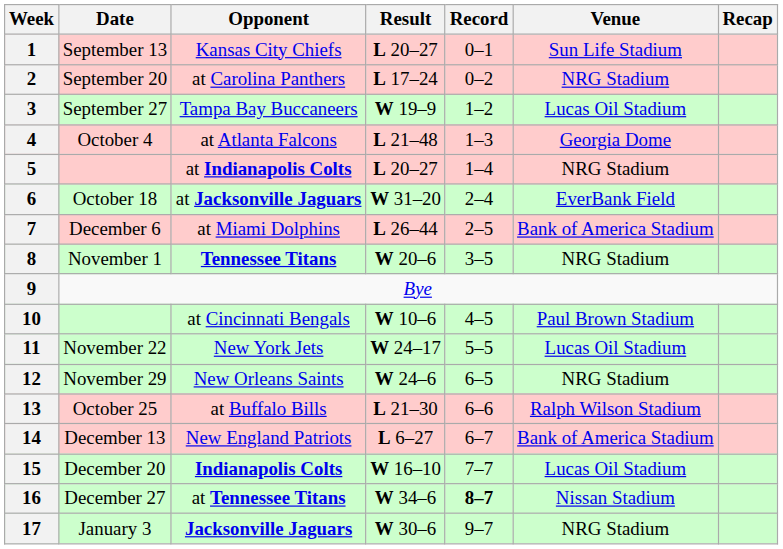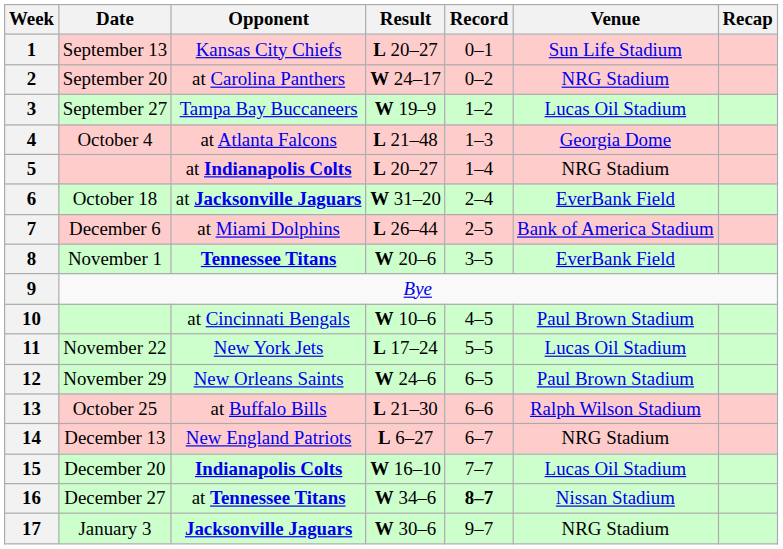 <table class="wikitable" style="text-align:center">
 <tr>
 <th>Week</th>
 <th>Date</th>
 <th>Opponent</th>
 <th>Result</th>
 <th>Record</th>
 <th>Venue</th>
 <th>Recap</th>
 </tr>
 <tr style="background:#fcc">
 <th>1</th>
 <td>September 13</td>
 <td><a href='#'>Kansas City Chiefs</a></td>
 <td><strong>L</strong> 20–27</td>
 <td>0–1</td>
 <td><a href='#'>Sun Life Stadium</a></td>
 <td></td>
 </tr>
 <tr style="background:#fcc">
 <th>2</th>
 <td>September 20</td>
 <td>at <a href='#'>Carolina Panthers</a></td>
-<td><strong>L</strong> 17–24</td>
+<td><strong>W</strong> 24–17</td>
 <td>0–2</td>
 <td><a href='#'>NRG Stadium</a></td>
 <td></td>
 </tr>
 <tr style="background:#cfc">
 <th>3</th>
 <td>September 27</td>
 <td><a href='#'>Tampa Bay Buccaneers</a></td>
 <td><strong>W</strong> 19–9</td>
 <td>1–2</td>
 <td><a href='#'>Lucas Oil Stadium</a></td>
 <td></td>
 </tr>
 <tr style="background:#fcc">
 <th>4</th>
 <td>October 4</td>
 <td>at <a href='#'>Atlanta Falcons</a></td>
 <td><strong>L</strong> 21–48</td>
 <td>1–3</td>
 <td><a href='#'>Georgia Dome</a></td>
 <td></td>
 </tr>
 <tr style="background:#fcc">
 <th>5</th>
 <td></td>
 <td>at <strong><a href='#'>Indianapolis Colts</a></strong></td>
 <td><strong>L</strong> 20–27</td>
 <td>1–4</td>
 <td>NRG Stadium</td>
 <td></td>
 </tr>
 <tr style="background:#cfc">
 <th>6</th>
 <td>October 18</td>
 <td>at <strong><a href='#'>Jacksonville Jaguars</a></strong></td>
 <td><strong>W</strong> 31–20</td>
 <td>2–4</td>
 <td><a href='#'>EverBank Field</a></td>
 <td></td>
 </tr>
 <tr style="background:#fcc">
 <th>7</th>
 <td>December 6</td>
 <td>at <a href='#'>Miami Dolphins</a></td>
 <td><strong>L</strong> 26–44</td>
 <td>2–5</td>
 <td><a href='#'>Bank of America Stadium</a></td>
 <td></td>
 </tr>
 <tr style="background:#cfc">
 <th>8</th>
 <td>November 1</td>
 <td><strong><a href='#'>Tennessee Titans</a></strong></td>
 <td><strong>W</strong> 20–6</td>
 <td>3–5</td>
-<td>NRG Stadium</td>
+<td><a href='#'>EverBank Field</a></td>
 <td></td>
 </tr>
 <tr>
 <th>9</th>
 <td colspan="6"><em><a href='#'>Bye</a></em></td>
 </tr>
 <tr style="background:#cfc">
 <th>10</th>
 <td></td>
 <td>at <a href='#'>Cincinnati Bengals</a></td>
 <td><strong>W</strong> 10–6</td>
 <td>4–5</td>
 <td><a href='#'>Paul Brown Stadium</a></td>
 <td></td>
 </tr>
 <tr style="background:#cfc">
 <th>11</th>
 <td>November 22</td>
 <td><a href='#'>New York Jets</a></td>
-<td><strong>W</strong> 24–17</td>
+<td><strong>L</strong> 17–24</td>
 <td>5–5</td>
 <td><a href='#'>Lucas Oil Stadium</a></td>
 <td></td>
 </tr>
 <tr style="background:#cfc">
 <th>12</th>
 <td>November 29</td>
 <td><a href='#'>New Orleans Saints</a></td>
 <td><strong>W</strong> 24–6</td>
 <td>6–5</td>
-<td>NRG Stadium</td>
+<td><a href='#'>Paul Brown Stadium</a></td>
 <td></td>
 </tr>
 <tr style="background:#fcc">
 <th>13</th>
 <td>October 25</td>
 <td>at <a href='#'>Buffalo Bills</a></td>
 <td><strong>L</strong> 21–30</td>
 <td>6–6</td>
 <td><a href='#'>Ralph Wilson Stadium</a></td>
 <td></td>
 </tr>
 <tr style="background:#fcc">
 <th>14</th>
 <td>December 13</td>
 <td><a href='#'>New England Patriots</a></td>
 <td><strong>L</strong> 6–27</td>
 <td>6–7</td>
-<td><a href='#'>Bank of America Stadium</a></td>
+<td>NRG Stadium</td>
 <td></td>
 </tr>
 <tr style="background:#cfc">
 <th>15</th>
 <td>December 20</td>
 <td><strong><a href='#'>Indianapolis Colts</a></strong></td>
 <td><strong>W</strong> 16–10</td>
 <td>7–7</td>
 <td><a href='#'>Lucas Oil Stadium</a></td>
 <td></td>
 </tr>
 <tr style="background:#cfc">
 <th>16</th>
 <td>December 27</td>
 <td>at <strong><a href='#'>Tennessee Titans</a></strong></td>
 <td><strong>W</strong> 34–6</td>
 <td><strong>8–7</strong></td>
 <td><a href='#'>Nissan Stadium</a></td>
 <td></td>
 </tr>
 <tr style="background:#cfc">
 <th>17</th>
 <td>January 3</td>
 <td><strong><a href='#'>Jacksonville Jaguars</a></strong></td>
 <td><strong>W</strong> 30–6</td>
 <td>9–7</td>
 <td>NRG Stadium</td>
 <td></td>
 </tr>
 </table>
